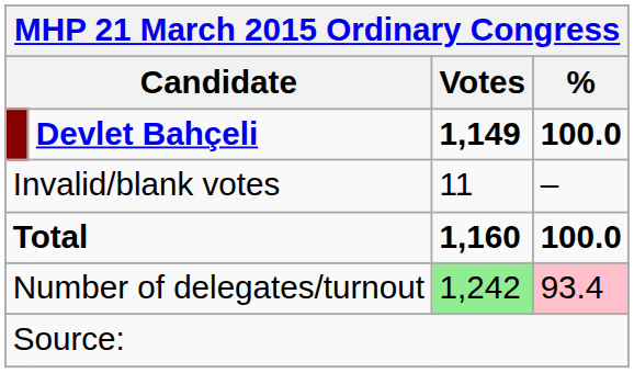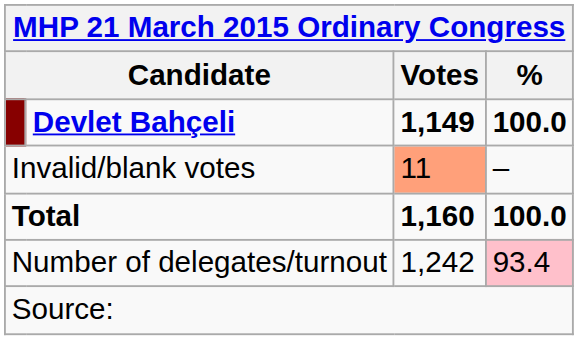 <table class="wikitable floatleft">
 <tr>
 <th colspan="4"><a href='#'>MHP 21 March 2015 Ordinary Congress</a></th>
 </tr>
 <tr>
 <th colspan="2">Candidate</th>
 <th>Votes</th>
 <th>%</th>
 </tr>
 <tr>
 <td style="background: #870000; width:4px; text-align:center;"></td>
 <td><strong><a href='#'>Devlet Bahçeli</a></strong></td>
 <td><strong>1,149</strong></td>
 <td><strong>100.0</strong></td>
 </tr>
 <tr>
 <td colspan="2">Invalid/blank votes</td>
-<td>11</td>
+<td style="background: lightsalmon;">11</td>
 <td>–</td>
 </tr>
 <tr>
 <td colspan="2"><strong>Total</strong></td>
 <td><strong>1,160</strong></td>
 <td><strong>100.0</strong></td>
 </tr>
 <tr>
 <td colspan="2">Number of delegates/turnout</td>
-<td style="background: lightgreen;">1,242</td>
+<td>1,242</td>
 <td style="background: pink;">93.4</td>
 </tr>
 <tr>
 <td colspan="4">Source: </td>
 </tr>
 </table>
